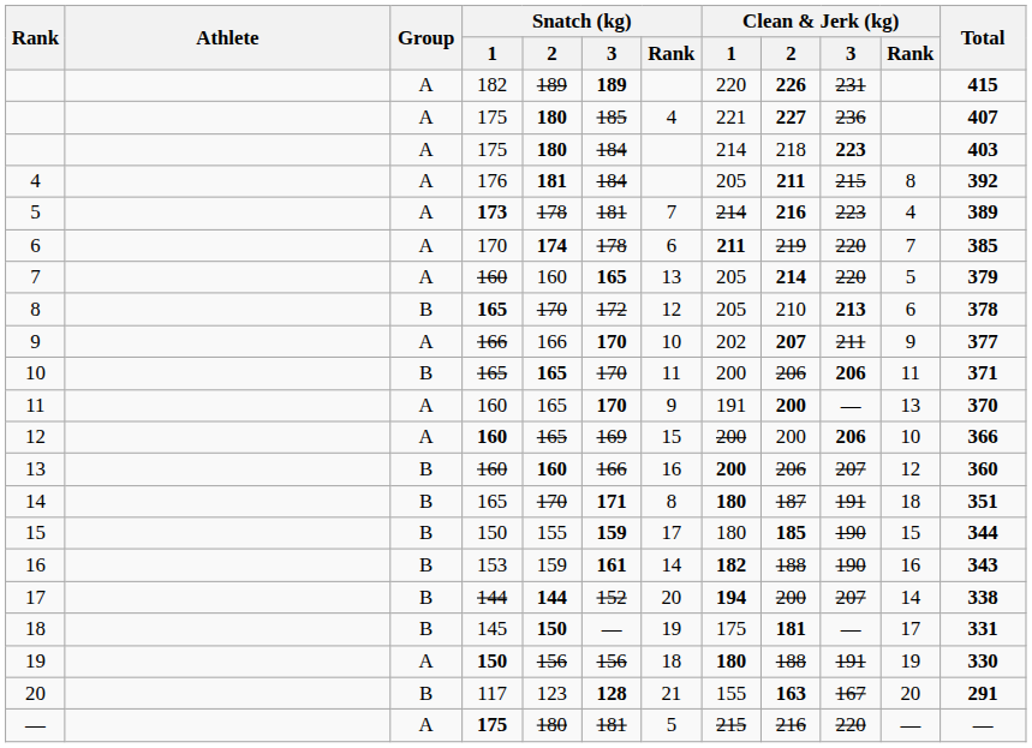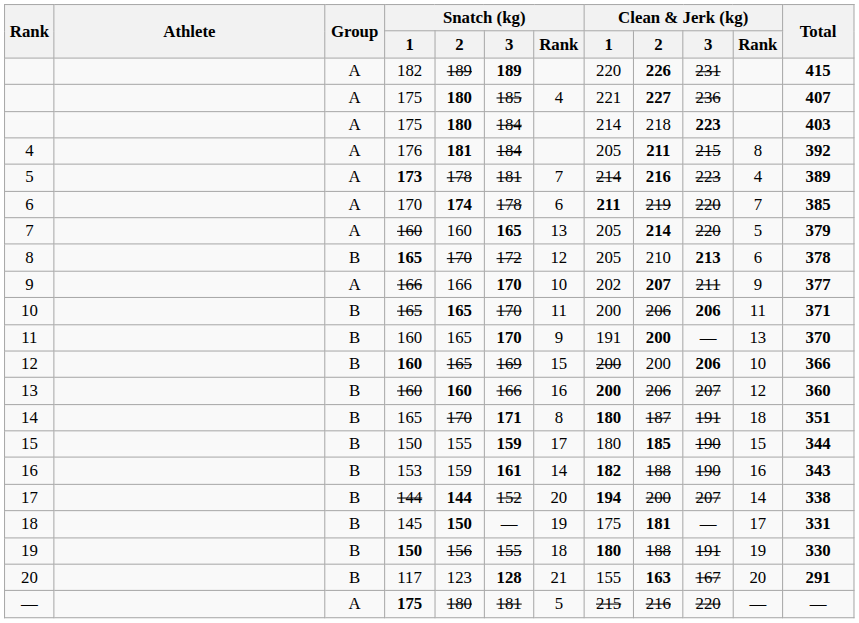 <table class = "wikitable" style="text-align:center;">
 <tr>
 <th rowspan=2 width=40>Rank</th>
 <th rowspan=2 width=250>Athlete</th>
 <th rowspan=2 width=50>Group</th>
 <th colspan=4>Snatch (kg)</th>
 <th colspan=4>Clean & Jerk (kg)</th>
 <th rowspan=2 width=60>Total</th>
 </tr>
 <tr>
 <th width=40>1</th>
 <th width=40>2</th>
 <th width=40>3</th>
 <th width=40>Rank</th>
 <th width=40>1</th>
 <th width=40>2</th>
 <th width=40>3</th>
 <th width=40>Rank</th>
 </tr>
 <tr>
 <td></td>
 <td align=left></td>
 <td>A</td>
 <td>182</td>
 <td><s>189</s></td>
 <td><strong>189</strong></td>
 <td></td>
 <td>220</td>
 <td><strong>226</strong></td>
 <td><s>231</s></td>
 <td></td>
 <td><strong>415</strong></td>
 </tr>
 <tr>
 <td></td>
 <td align=left></td>
 <td>A</td>
 <td>175</td>
 <td><strong>180</strong></td>
 <td><s>185</s></td>
 <td>4</td>
 <td>221</td>
 <td><strong>227</strong></td>
 <td><s>236</s></td>
 <td></td>
 <td><strong>407</strong></td>
 </tr>
 <tr>
 <td></td>
 <td align=left></td>
 <td>A</td>
 <td>175</td>
 <td><strong>180</strong></td>
 <td><s>184</s></td>
 <td></td>
 <td>214</td>
 <td>218</td>
 <td><strong>223</strong></td>
 <td></td>
 <td><strong>403</strong></td>
 </tr>
 <tr>
 <td>4</td>
 <td align=left></td>
 <td>A</td>
 <td>176</td>
 <td><strong>181</strong></td>
 <td><s>184</s></td>
 <td></td>
 <td>205</td>
 <td><strong>211</strong></td>
 <td><s>215</s></td>
 <td>8</td>
 <td><strong>392</strong></td>
 </tr>
 <tr>
 <td>5</td>
 <td align=left></td>
 <td>A</td>
 <td><strong>173</strong></td>
 <td><s>178</s></td>
 <td><s>181</s></td>
 <td>7</td>
 <td><s>214</s></td>
 <td><strong>216</strong></td>
 <td><s>223</s></td>
 <td>4</td>
 <td><strong>389</strong></td>
 </tr>
 <tr>
 <td>6</td>
 <td align=left></td>
 <td>A</td>
 <td>170</td>
 <td><strong>174</strong></td>
 <td><s>178</s></td>
 <td>6</td>
 <td><strong>211</strong></td>
 <td><s>219</s></td>
 <td><s>220</s></td>
 <td>7</td>
 <td><strong>385</strong></td>
 </tr>
 <tr>
 <td>7</td>
 <td align=left></td>
 <td>A</td>
 <td><s>160</s></td>
 <td>160</td>
 <td><strong>165</strong></td>
 <td>13</td>
 <td>205</td>
 <td><strong>214</strong></td>
 <td><s>220</s></td>
 <td>5</td>
 <td><strong>379</strong></td>
 </tr>
 <tr>
 <td>8</td>
 <td align=left></td>
 <td>B</td>
 <td><strong>165</strong></td>
 <td><s>170</s></td>
 <td><s>172</s></td>
 <td>12</td>
 <td>205</td>
 <td>210</td>
 <td><strong>213</strong></td>
 <td>6</td>
 <td><strong>378</strong></td>
 </tr>
 <tr>
 <td>9</td>
 <td align=left></td>
 <td>A</td>
 <td><s>166</s></td>
 <td>166</td>
 <td><strong>170</strong></td>
 <td>10</td>
 <td>202</td>
 <td><strong>207</strong></td>
 <td><s>211</s></td>
 <td>9</td>
 <td><strong>377</strong></td>
 </tr>
 <tr>
 <td>10</td>
 <td align=left></td>
 <td>B</td>
 <td><s>165</s></td>
 <td><strong>165</strong></td>
 <td><s>170</s></td>
 <td>11</td>
 <td>200</td>
 <td><s>206</s></td>
 <td><strong>206</strong></td>
 <td>11</td>
 <td><strong>371</strong></td>
 </tr>
 <tr>
 <td>11</td>
 <td align=left></td>
-<td>A</td>
+<td>B</td>
 <td>160</td>
 <td>165</td>
 <td><strong>170</strong></td>
 <td>9</td>
 <td>191</td>
 <td><strong>200</strong></td>
 <td>—</td>
 <td>13</td>
 <td><strong>370</strong></td>
 </tr>
 <tr>
 <td>12</td>
 <td align=left></td>
-<td>A</td>
+<td>B</td>
 <td><strong>160</strong></td>
 <td><s>165</s></td>
 <td><s>169</s></td>
 <td>15</td>
 <td><s>200</s></td>
 <td>200</td>
 <td><strong>206</strong></td>
 <td>10</td>
 <td><strong>366</strong></td>
 </tr>
 <tr>
 <td>13</td>
 <td align=left></td>
 <td>B</td>
 <td><s>160</s></td>
 <td><strong>160</strong></td>
 <td><s>166</s></td>
 <td>16</td>
 <td><strong>200</strong></td>
 <td><s>206</s></td>
 <td><s>207</s></td>
 <td>12</td>
 <td><strong>360</strong></td>
 </tr>
 <tr>
 <td>14</td>
 <td align=left></td>
 <td>B</td>
 <td>165</td>
 <td><s>170</s></td>
 <td><strong>171</strong></td>
 <td>8</td>
 <td><strong>180</strong></td>
 <td><s>187</s></td>
 <td><s>191</s></td>
 <td>18</td>
 <td><strong>351</strong></td>
 </tr>
 <tr>
 <td>15</td>
 <td align=left></td>
 <td>B</td>
 <td>150</td>
 <td>155</td>
 <td><strong>159</strong></td>
 <td>17</td>
 <td>180</td>
 <td><strong>185</strong></td>
 <td><s>190</s></td>
 <td>15</td>
 <td><strong>344</strong></td>
 </tr>
 <tr>
 <td>16</td>
 <td align=left></td>
 <td>B</td>
 <td>153</td>
 <td>159</td>
 <td><strong>161</strong></td>
 <td>14</td>
 <td><strong>182</strong></td>
 <td><s>188</s></td>
 <td><s>190</s></td>
 <td>16</td>
 <td><strong>343</strong></td>
 </tr>
 <tr>
 <td>17</td>
 <td align=left></td>
 <td>B</td>
 <td><s>144</s></td>
 <td><strong>144</strong></td>
 <td><s>152</s></td>
 <td>20</td>
 <td><strong>194</strong></td>
 <td><s>200</s></td>
 <td><s>207</s></td>
 <td>14</td>
 <td><strong>338</strong></td>
 </tr>
 <tr>
 <td>18</td>
 <td align=left></td>
 <td>B</td>
 <td>145</td>
 <td><strong>150</strong></td>
 <td>—</td>
 <td>19</td>
 <td>175</td>
 <td><strong>181</strong></td>
 <td>—</td>
 <td>17</td>
 <td><strong>331</strong></td>
 </tr>
 <tr>
 <td>19</td>
 <td align=left></td>
-<td>A</td>
+<td>B</td>
 <td><strong>150</strong></td>
 <td><s>156</s></td>
-<td><s>156</s></td>
+<td><s>155</s></td>
 <td>18</td>
 <td><strong>180</strong></td>
 <td><s>188</s></td>
 <td><s>191</s></td>
 <td>19</td>
 <td><strong>330</strong></td>
 </tr>
 <tr>
 <td>20</td>
 <td align=left></td>
 <td>B</td>
 <td>117</td>
 <td>123</td>
 <td><strong>128</strong></td>
 <td>21</td>
 <td>155</td>
 <td><strong>163</strong></td>
 <td><s>167</s></td>
 <td>20</td>
 <td><strong>291</strong></td>
 </tr>
 <tr>
 <td>—</td>
 <td align=left></td>
 <td>A</td>
 <td><strong>175</strong></td>
 <td><s>180</s></td>
 <td><s>181</s></td>
 <td>5</td>
 <td><s>215</s></td>
 <td><s>216</s></td>
 <td><s>220</s></td>
 <td>—</td>
 <td>—</td>
 </tr>
 </table>
